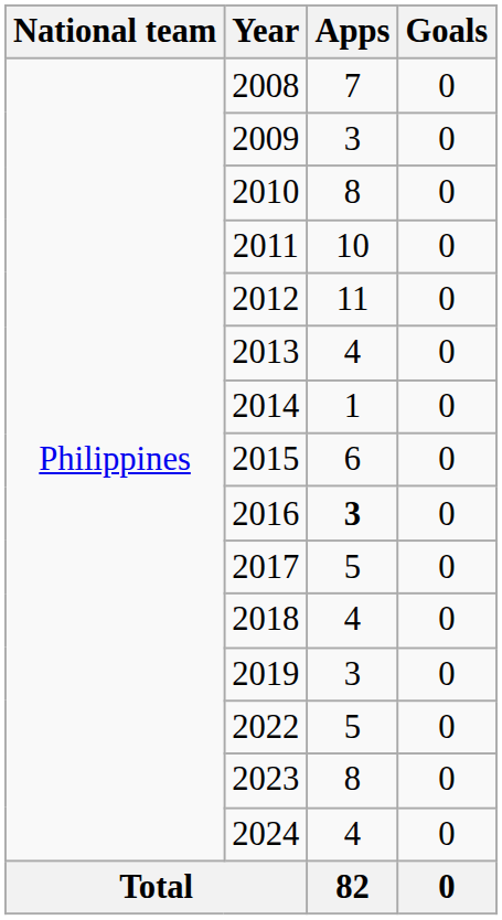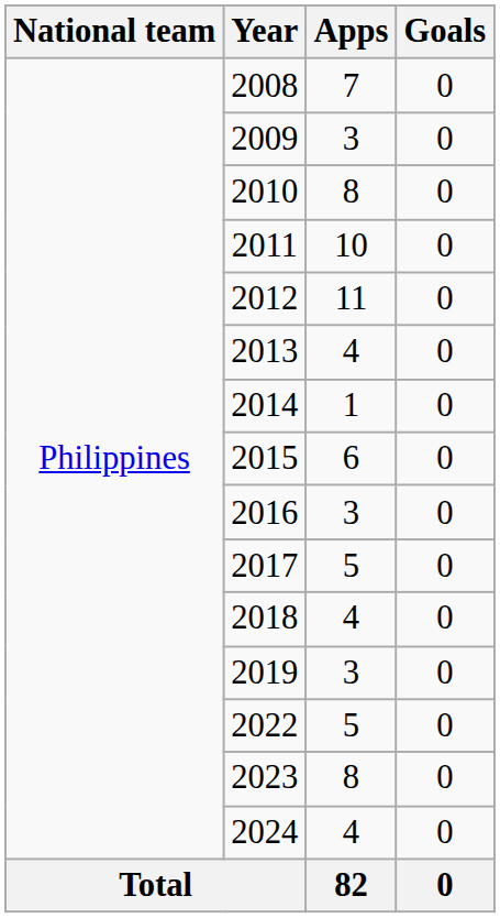 <table class=wikitable style=text-align:center>
 <tr>
 <th>National team</th>
 <th>Year</th>
 <th>Apps</th>
 <th>Goals</th>
 </tr>
 <tr>
 <td rowspan="15"><a href='#'>Philippines</a></td>
 <td>2008</td>
 <td>7</td>
 <td>0</td>
 </tr>
 <tr>
 <td>2009</td>
 <td>3</td>
 <td>0</td>
 </tr>
 <tr>
 <td>2010</td>
 <td>8</td>
 <td>0</td>
 </tr>
 <tr>
 <td>2011</td>
 <td>10</td>
 <td>0</td>
 </tr>
 <tr>
 <td>2012</td>
 <td>11</td>
 <td>0</td>
 </tr>
 <tr>
 <td>2013</td>
 <td>4</td>
 <td>0</td>
 </tr>
 <tr>
 <td>2014</td>
 <td>1</td>
 <td>0</td>
 </tr>
 <tr>
 <td>2015</td>
 <td>6</td>
 <td>0</td>
 </tr>
 <tr>
 <td>2016</td>
-<td><strong>3</strong></td>
+<td>3</td>
 <td>0</td>
 </tr>
 <tr>
 <td>2017</td>
 <td>5</td>
 <td>0</td>
 </tr>
 <tr>
 <td>2018</td>
 <td>4</td>
 <td>0</td>
 </tr>
 <tr>
 <td>2019</td>
 <td>3</td>
 <td>0</td>
 </tr>
 <tr>
 <td>2022</td>
 <td>5</td>
 <td>0</td>
 </tr>
 <tr>
 <td>2023</td>
 <td>8</td>
 <td>0</td>
 </tr>
 <tr>
 <td>2024</td>
 <td>4</td>
 <td>0</td>
 </tr>
 <tr>
 <th colspan="2">Total</th>
 <th>82</th>
 <th>0</th>
 </tr>
 </table>
